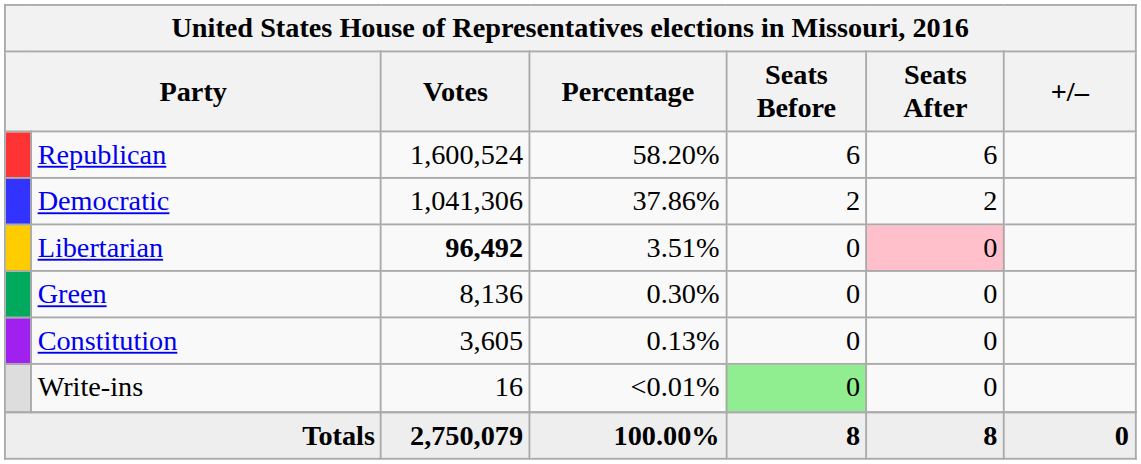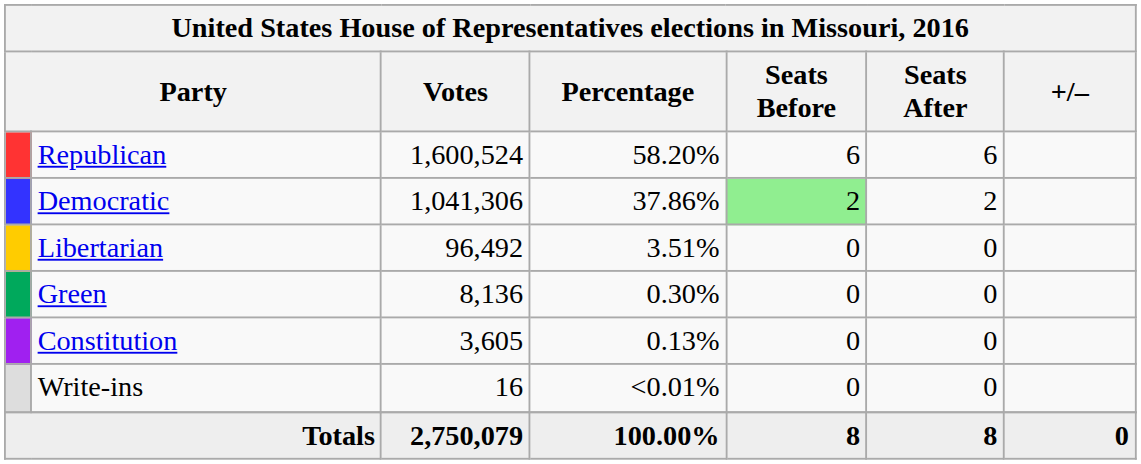 <table class="wikitable" style="font-size: 95%;">
 <tr>
 <th colspan="7">United States House of Representatives elections in Missouri, 2016</th>
 </tr>
 <tr>
 <th colspan=2 style="width: 15em">Party</th>
 <th style="width: 5em">Votes</th>
 <th style="width: 7em">Percentage</th>
 <th style="width: 5em">Seats Before</th>
 <th style="width: 5em">Seats After</th>
 <th style="width: 5em">+/–</th>
 </tr>
 <tr>
 <th style="background-color:#FF3333; width: 3px"></th>
 <td style="width: 130px"><a href='#'>Republican</a></td>
 <td style="text-align:right;">1,600,524</td>
 <td style="text-align:right;">58.20%</td>
 <td style="text-align:right;">6</td>
 <td style="text-align:right;">6</td>
 <td style="text-align:right;"></td>
 </tr>
 <tr>
 <th style="background:#33f; width:3px;"></th>
 <td style="width: 130px"><a href='#'>Democratic</a></td>
 <td style="text-align:right;">1,041,306</td>
 <td style="text-align:right;">37.86%</td>
-<td style="text-align:right;">2</td>
+<td style="background: lightgreen; text-align:right;">2</td>
 <td style="text-align:right;">2</td>
 <td style="text-align:right;"></td>
 </tr>
 <tr>
 <th style="background-color:#FFCC00; width: 3px"></th>
 <td style="width: 130px"><a href='#'>Libertarian</a></td>
-<td style="text-align:right;"><strong>96,492</strong></td>
+<td style="text-align:right;">96,492</td>
 <td style="text-align:right;">3.51%</td>
 <td style="text-align:right;">0</td>
-<td style="background: pink; text-align:right;">0</td>
+<td style="text-align:right;">0</td>
 <td style="text-align:right;"></td>
 </tr>
 <tr>
 <th style="background:#00A95C; width:3px;"></th>
 <td style="width: 130px"><a href='#'>Green</a></td>
 <td style="text-align:right;">8,136</td>
 <td style="text-align:right;">0.30%</td>
 <td style="text-align:right;">0</td>
 <td style="text-align:right;">0</td>
 <td style="text-align:right;"></td>
 </tr>
 <tr>
 <th style="background-color:#A020F0; width: 3px"></th>
 <td style="width: 130px"><a href='#'>Constitution</a></td>
 <td style="text-align:right;">3,605</td>
 <td style="text-align:right;">0.13%</td>
 <td style="text-align:right;">0</td>
 <td style="text-align:right;">0</td>
 <td style="text-align:right;"></td>
 </tr>
 <tr>
 <th style="background-color:#DDDDDD; width: 3px"></th>
 <td style="width: 130px">Write-ins</td>
 <td style="text-align:right;">16</td>
 <td style="text-align:right;"><0.01%</td>
-<td style="background: lightgreen; text-align:right;">0</td>
+<td style="text-align:right;">0</td>
 <td style="text-align:right;">0</td>
 <td style="text-align:right;"></td>
 </tr>
 <tr>
 </tr>
 <tr style="background:#eee; text-align:right;">
 <td colspan="2"><strong>Totals</strong></td>
 <td><strong>2,750,079</strong></td>
 <td><strong>100.00%</strong></td>
 <td><strong>8</strong></td>
 <td><strong>8</strong></td>
 <td><strong>0</strong></td>
 </tr>
 </table>
